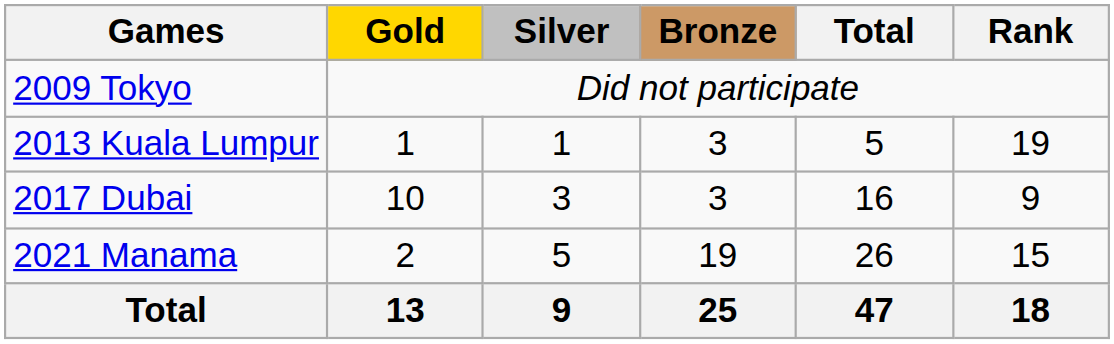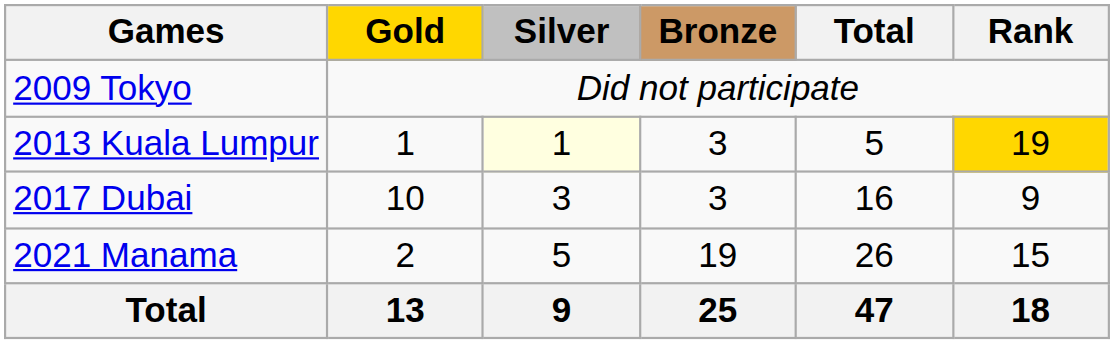 <table class="wikitable sortable" style="margin-top:0em; text-align:center; font-size:100%;">
 <tr>
 <th>Games</th>
 <th style="background:gold; width:4em;"><strong>Gold</strong></th>
 <th style="background:silver; width:4em;"><strong>Silver</strong></th>
 <th style="background:#cc9966; width:4em;"><strong>Bronze</strong></th>
 <th style="width:4em;">Total</th>
 <th style="width:4em;">Rank</th>
 </tr>
 <tr>
 <td align=left> <a href='#'>2009 Tokyo</a></td>
 <td colspan=5><em>Did not participate</em></td>
 </tr>
 <tr>
 <td align=left> <a href='#'>2013 Kuala Lumpur</a></td>
 <td>1</td>
-<td>1</td>
+<td style="background: lightyellow;">1</td>
 <td>3</td>
 <td>5</td>
-<td>19</td>
+<td style="background: gold;">19</td>
 </tr>
 <tr>
 <td align=left> <a href='#'>2017 Dubai</a></td>
 <td>10</td>
 <td>3</td>
 <td>3</td>
 <td>16</td>
 <td>9</td>
 </tr>
 <tr>
 <td align=left> <a href='#'>2021 Manama</a></td>
 <td>2</td>
 <td>5</td>
 <td>19</td>
 <td>26</td>
 <td>15</td>
 </tr>
 <tr>
 <th>Total</th>
 <th>13</th>
 <th>9</th>
 <th>25</th>
 <th>47</th>
 <th>18</th>
 </tr>
 </table>
